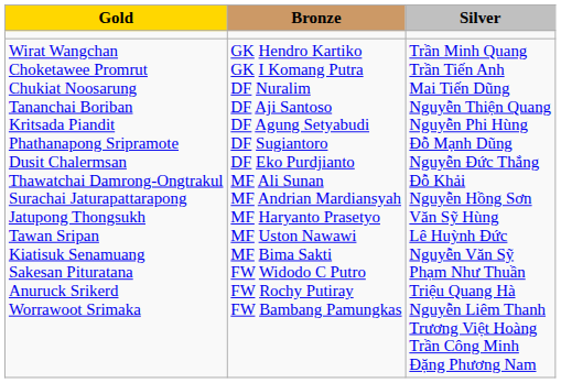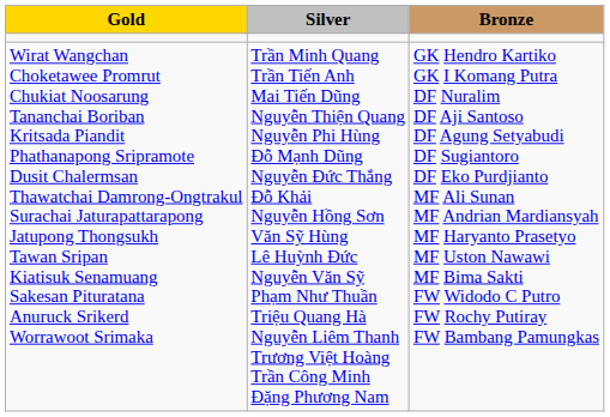 <table class="wikitable">
 <tr>
 <th style="background: gold">Gold</th>
+<th style="background: silver">Silver</th>
 <th style="background: #cc9966">Bronze</th>
-<th style="background: silver">Silver</th>
 </tr>
 <tr>
 <td align="center"></td>
 <td align="center"></td>
 <td align="center"></td>
 </tr>
 <tr>
 <td valign="top"><a href='#'>Wirat Wangchan</a> <br><a href='#'>Choketawee Promrut</a> <br><a href='#'>Chukiat Noosarung</a> <br><a href='#'>Tananchai Boriban</a> <br><a href='#'>Kritsada Piandit</a> <br><a href='#'>Phathanapong Sripramote</a> <br><a href='#'>Dusit Chalermsan</a> <br><a href='#'>Thawatchai Damrong-Ongtrakul</a> <br><a href='#'>Surachai Jaturapattarapong</a> <br><a href='#'>Jatupong Thongsukh</a> <br><a href='#'>Tawan Sripan</a> <br><a href='#'>Kiatisuk Senamuang</a> <br><a href='#'>Sakesan Pituratana</a> <br><a href='#'>Anuruck Srikerd</a> <br><a href='#'>Worrawoot Srimaka</a></td>
+<td valign="top"><a href='#'>Trần Minh Quang</a> <br><a href='#'>Trần Tiến Anh</a> <br><a href='#'>Mai Tiến Dũng</a> <br><a href='#'>Nguyễn Thiện Quang</a> <br><a href='#'>Nguyễn Phi Hùng</a> <br><a href='#'>Đỗ Mạnh Dũng</a> <br><a href='#'>Nguyễn Đức Thắng</a> <br><a href='#'>Đỗ Khải</a> <br><a href='#'>Nguyễn Hồng Sơn</a> <br><a href='#'>Văn Sỹ Hùng</a> <br><a href='#'>Lê Huỳnh Đức</a> <br><a href='#'>Nguyễn Văn Sỹ</a> <br><a href='#'>Phạm Như Thuần</a> <br><a href='#'>Triệu Quang Hà</a> <br><a href='#'>Nguyễn Liêm Thanh</a> <br><a href='#'>Trương Việt Hoàng</a> <br><a href='#'>Trần Công Minh</a> <br><a href='#'>Đặng Phương Nam</a></td>
 <td valign="top"><a href='#'>GK</a> <a href='#'>Hendro Kartiko</a> <br><a href='#'>GK</a> <a href='#'>I Komang Putra</a> <br><a href='#'>DF</a> <a href='#'>Nuralim</a> <br><a href='#'>DF</a> <a href='#'>Aji Santoso</a> <br><a href='#'>DF</a> <a href='#'>Agung Setyabudi</a> <br><a href='#'>DF</a> <a href='#'>Sugiantoro</a> <br><a href='#'>DF</a> <a href='#'>Eko Purdjianto</a> <br><a href='#'>MF</a> <a href='#'>Ali Sunan</a> <br><a href='#'>MF</a> <a href='#'>Andrian Mardiansyah</a> <br><a href='#'>MF</a> <a href='#'>Haryanto Prasetyo</a> <br><a href='#'>MF</a> <a href='#'>Uston Nawawi</a> <br><a href='#'>MF</a> <a href='#'>Bima Sakti</a> <br><a href='#'>FW</a> <a href='#'>Widodo C Putro</a> <br><a href='#'>FW</a> <a href='#'>Rochy Putiray</a> <br><a href='#'>FW</a> <a href='#'>Bambang Pamungkas</a></td>
-<td valign="top"><a href='#'>Trần Minh Quang</a> <br><a href='#'>Trần Tiến Anh</a> <br><a href='#'>Mai Tiến Dũng</a> <br><a href='#'>Nguyễn Thiện Quang</a> <br><a href='#'>Nguyễn Phi Hùng</a> <br><a href='#'>Đỗ Mạnh Dũng</a> <br><a href='#'>Nguyễn Đức Thắng</a> <br><a href='#'>Đỗ Khải</a> <br><a href='#'>Nguyễn Hồng Sơn</a> <br><a href='#'>Văn Sỹ Hùng</a> <br><a href='#'>Lê Huỳnh Đức</a> <br><a href='#'>Nguyễn Văn Sỹ</a> <br><a href='#'>Phạm Như Thuần</a> <br><a href='#'>Triệu Quang Hà</a> <br><a href='#'>Nguyễn Liêm Thanh</a> <br><a href='#'>Trương Việt Hoàng</a> <br><a href='#'>Trần Công Minh</a> <br><a href='#'>Đặng Phương Nam</a></td>
 </tr>
 </table>
